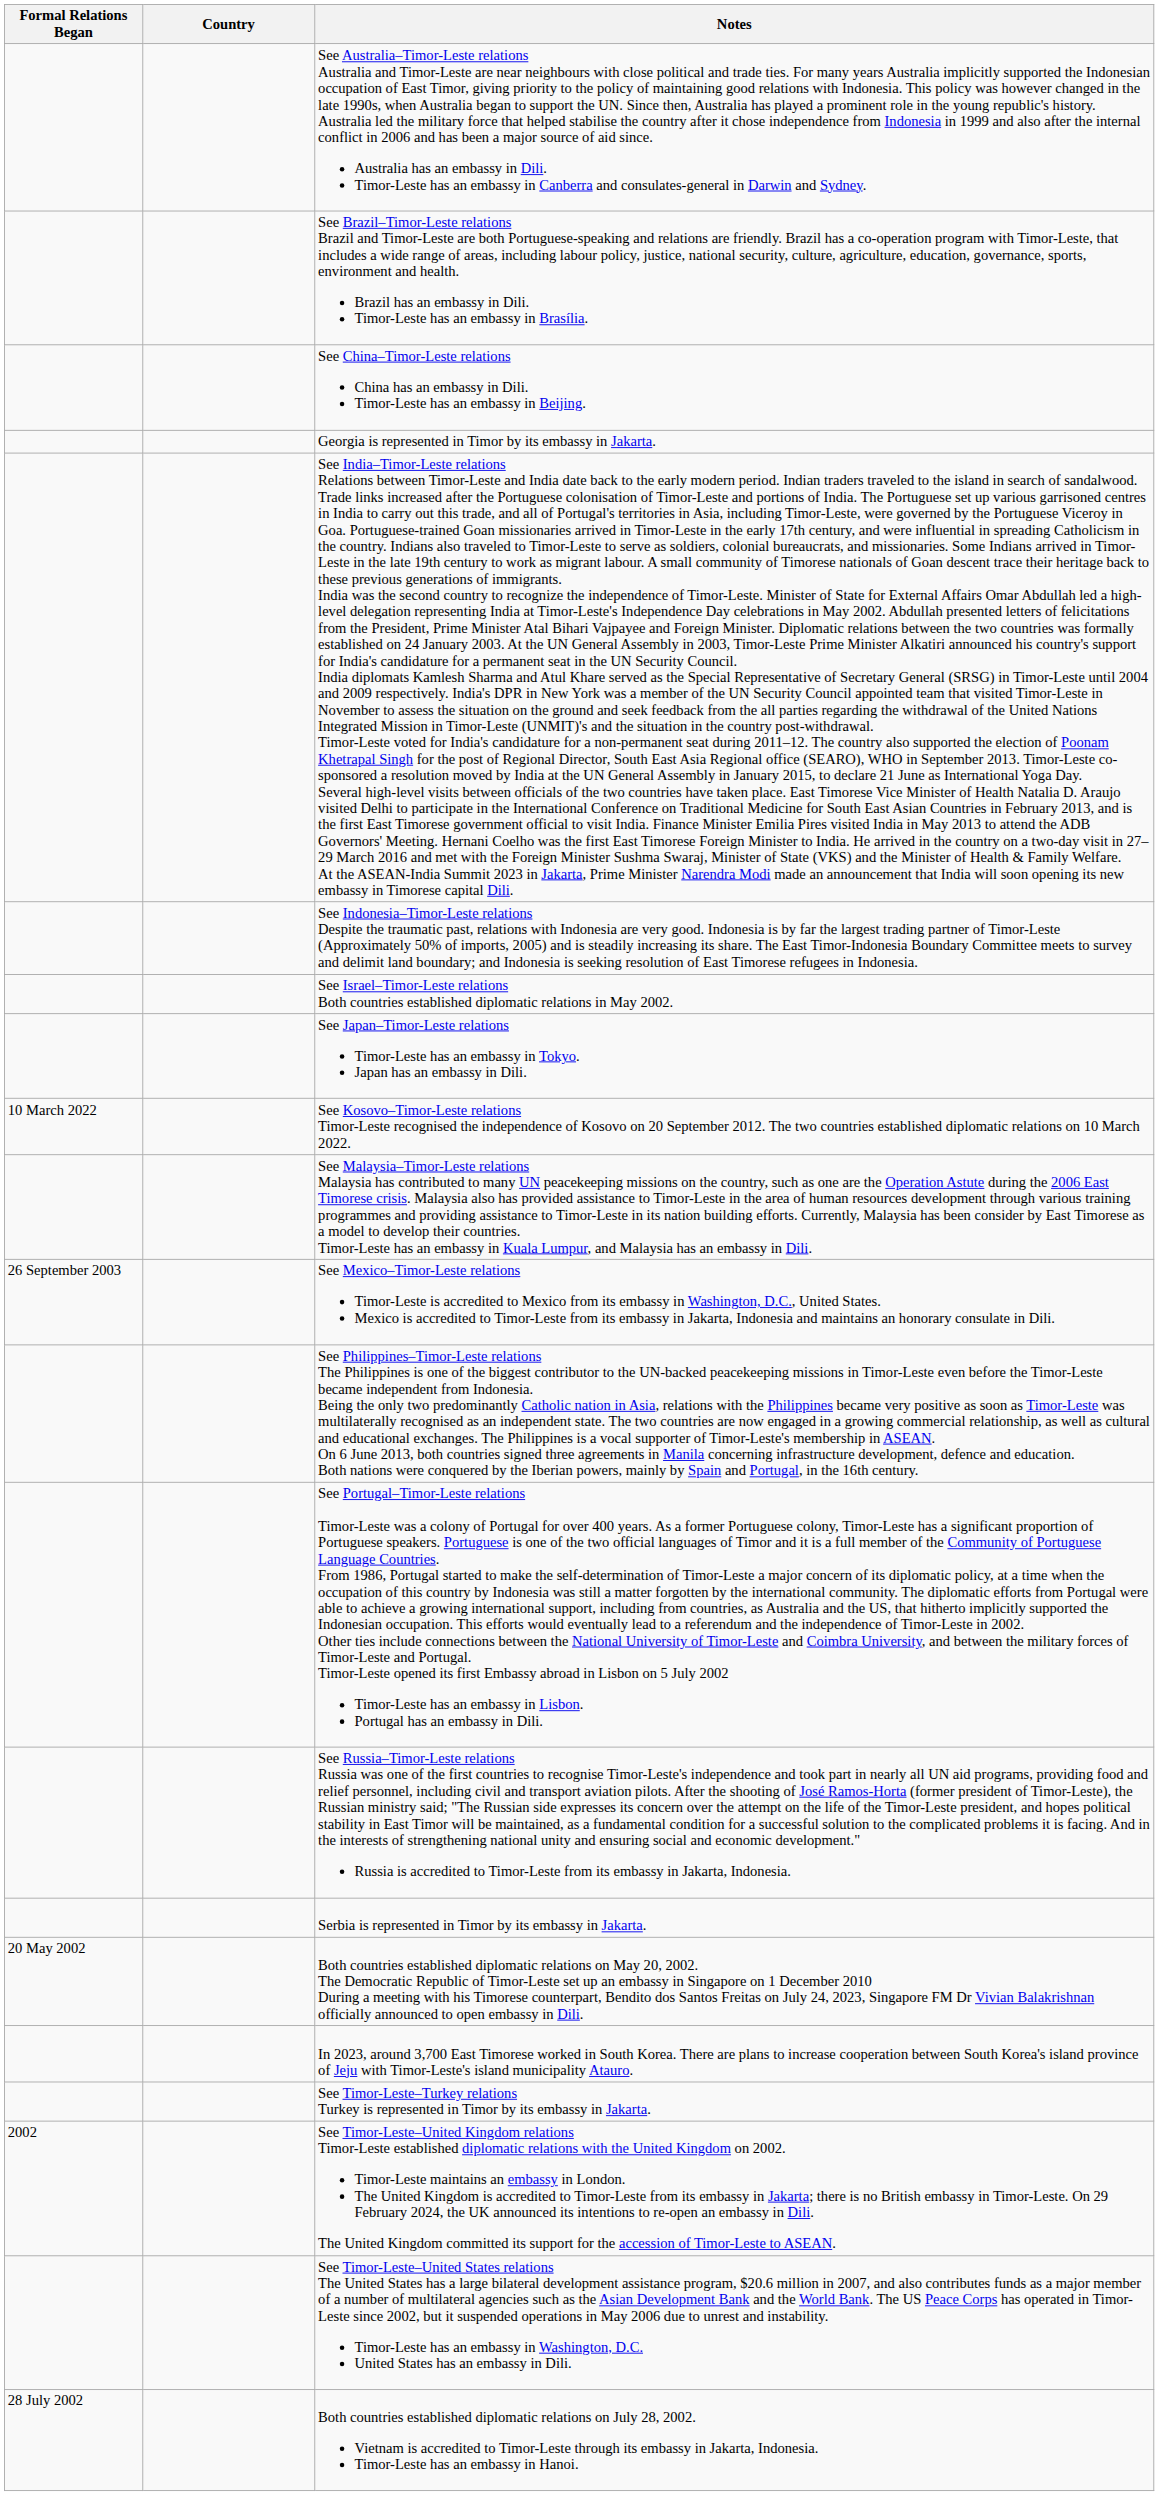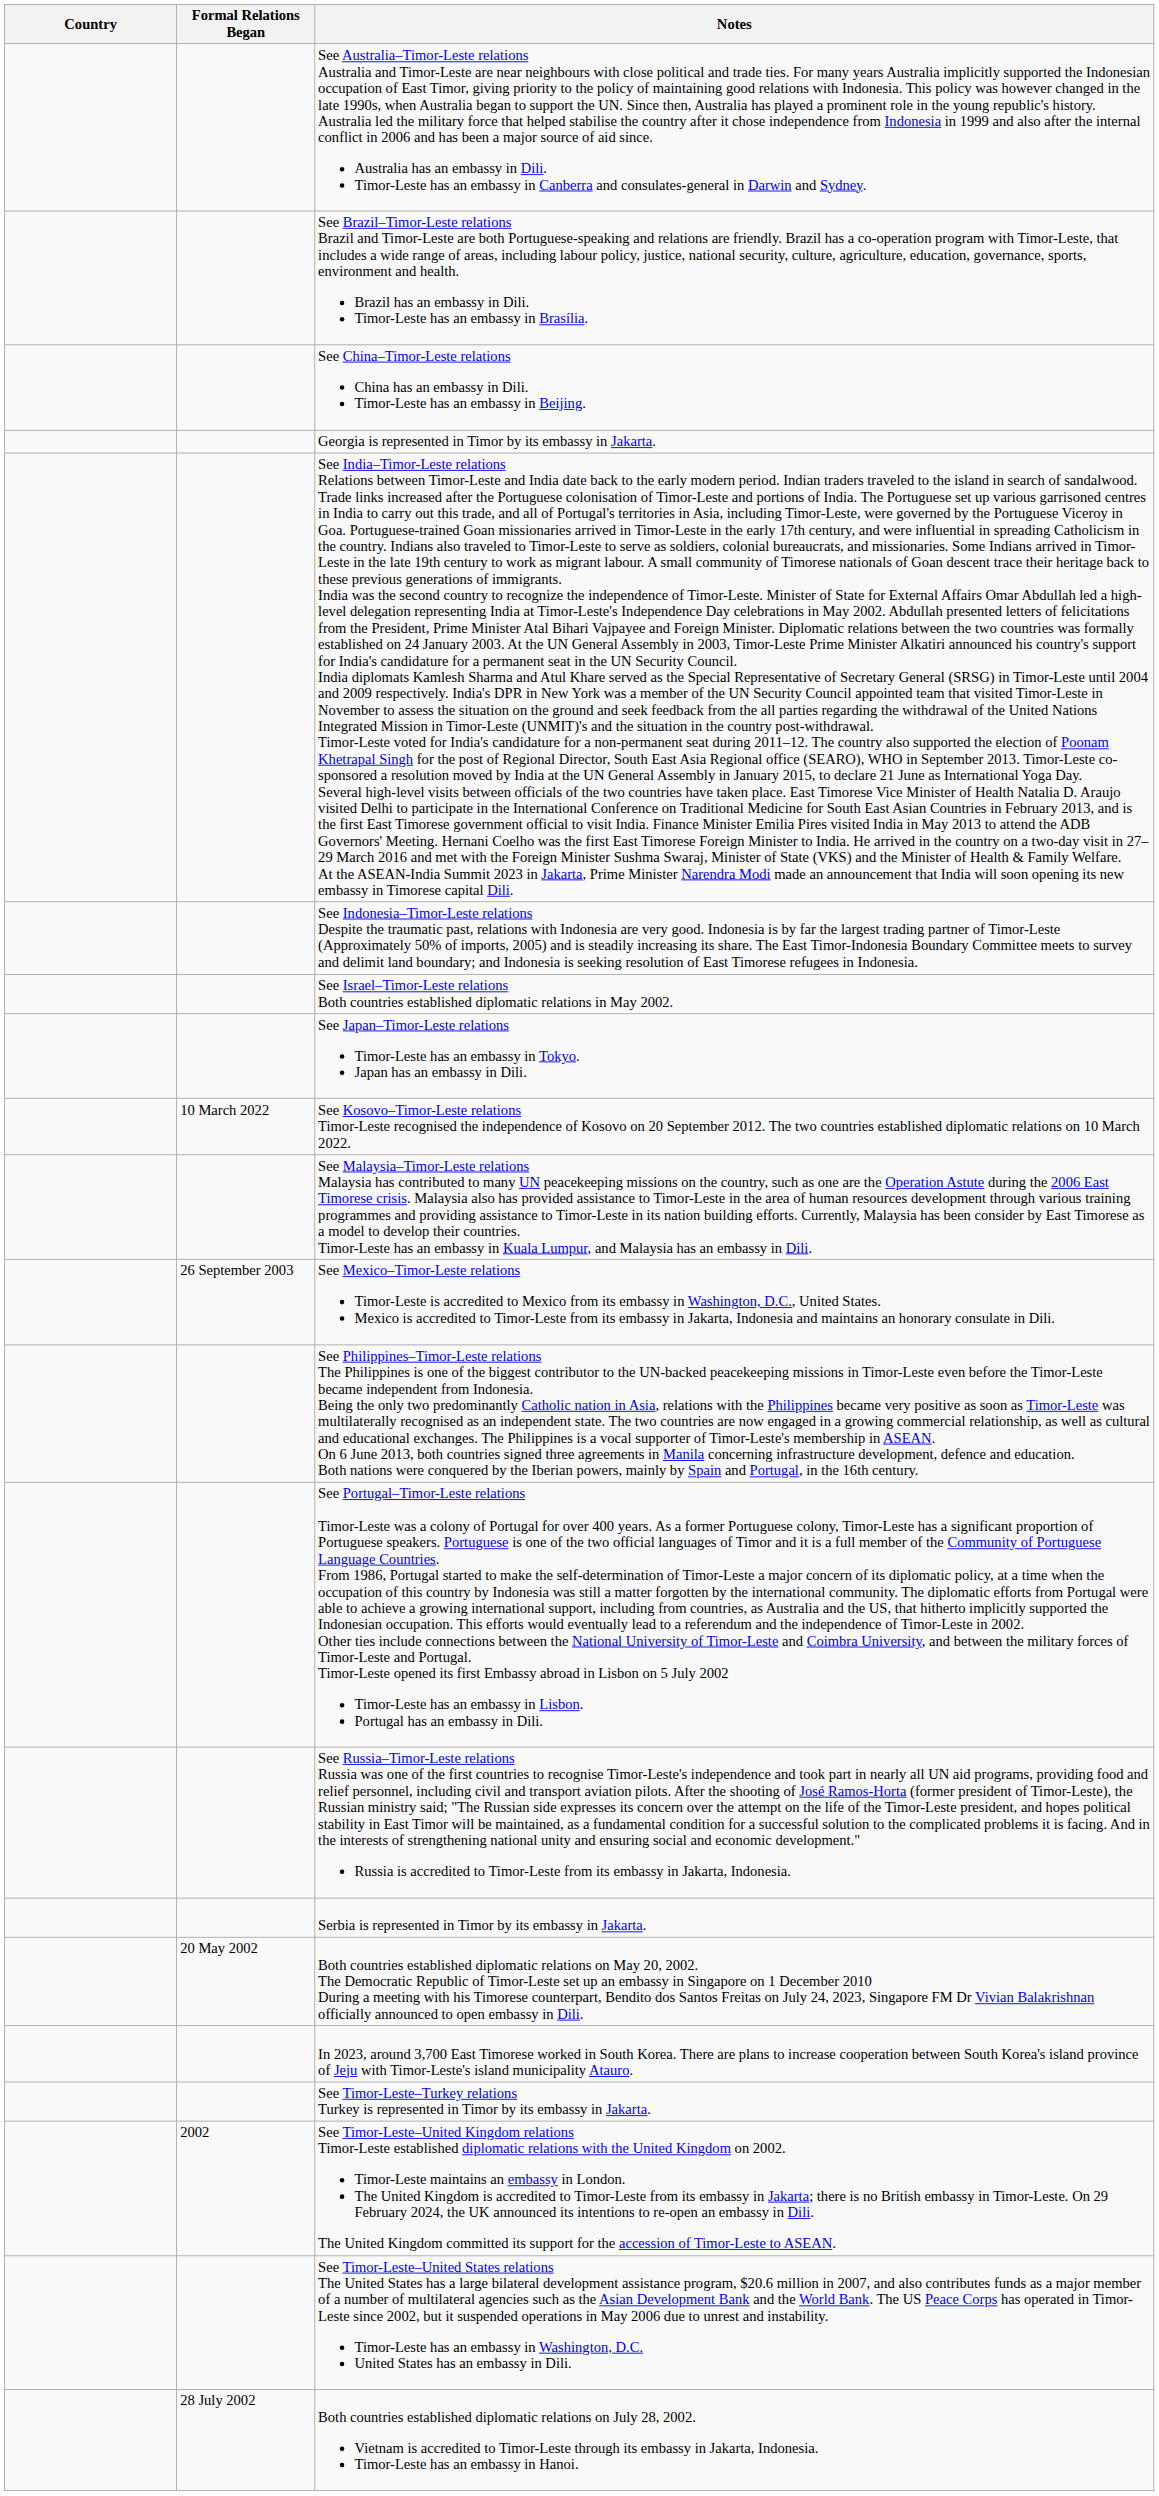 <table class="wikitable sortable" style="width:100%; margin:auto;">
 <tr>
+<th style="width:15%;">Country</th>
 <th style="width:12%;">Formal Relations Began</th>
-<th style="width:15%;">Country</th>
 <th>Notes</th>
 </tr>
 <tr valign="top">
 <td></td>
 <td></td>
 <td>See <a href='#'>Australia–Timor-Leste relations</a><br>Australia and Timor-Leste are near neighbours with close political and trade ties. For many years Australia implicitly supported the Indonesian occupation of East Timor, giving priority to the policy of maintaining good relations with Indonesia. This policy was however changed in the late 1990s, when Australia began to support the UN. Since then, Australia has played a prominent role in the young republic's history. Australia led the military force that helped stabilise the country after it chose independence from <a href='#'>Indonesia</a> in 1999 and also after the internal conflict in 2006 and has been a major source of aid since.<ul><li>Australia has an embassy in <a href='#'>Dili</a>.</li><li>Timor-Leste has an embassy in <a href='#'>Canberra</a> and consulates-general in <a href='#'>Darwin</a> and <a href='#'>Sydney</a>.</li></ul></td>
 </tr>
 <tr valign="top">
 <td></td>
 <td></td>
 <td>See <a href='#'>Brazil–Timor-Leste relations</a><br>Brazil and Timor-Leste are both Portuguese-speaking and relations are friendly. Brazil has a co-operation program with Timor-Leste, that includes a wide range of areas, including labour policy, justice, national security, culture, agriculture, education, governance, sports, environment and health.<ul><li>Brazil has an embassy in Dili.</li><li>Timor-Leste has an embassy in <a href='#'>Brasília</a>.</li></ul></td>
 </tr>
 <tr valign="top">
 <td></td>
 <td></td>
 <td>See <a href='#'>China–Timor-Leste relations</a><br><ul><li>China has an embassy in Dili.</li><li>Timor-Leste has an embassy in <a href='#'>Beijing</a>.</li></ul></td>
 </tr>
 <tr valign="top">
 <td></td>
 <td></td>
 <td>Georgia is represented in Timor by its embassy in <a href='#'>Jakarta</a>.</td>
 </tr>
 <tr valign="top">
 <td></td>
 <td></td>
 <td>See <a href='#'>India–Timor-Leste relations</a><br>Relations between Timor-Leste and India date back to the early modern period. Indian traders traveled to the island in search of sandalwood. Trade links increased after the Portuguese colonisation of Timor-Leste and portions of India. The Portuguese set up various garrisoned centres in India to carry out this trade, and all of Portugal's territories in Asia, including Timor-Leste, were governed by the Portuguese Viceroy in Goa. Portuguese-trained Goan missionaries arrived in Timor-Leste in the early 17th century, and were influential in spreading Catholicism in the country. Indians also traveled to Timor-Leste to serve as soldiers, colonial bureaucrats, and missionaries. Some Indians arrived in Timor-Leste in the late 19th century to work as migrant labour. A small community of Timorese nationals of Goan descent trace their heritage back to these previous generations of immigrants.<br>India was the second country to recognize the independence of Timor-Leste. Minister of State for External Affairs Omar Abdullah led a high-level delegation representing India at Timor-Leste's Independence Day celebrations in May 2002. Abdullah presented letters of felicitations from the President, Prime Minister Atal Bihari Vajpayee and Foreign Minister. Diplomatic relations between the two countries was formally established on 24 January 2003. At the UN General Assembly in 2003, Timor-Leste Prime Minister Alkatiri announced his country's support for India's candidature for a permanent seat in the UN Security Council.<br>India diplomats Kamlesh Sharma and Atul Khare served as the Special Representative of Secretary General (SRSG) in Timor-Leste until 2004 and 2009 respectively. India's DPR in New York was a member of the UN Security Council appointed team that visited Timor-Leste in November to assess the situation on the ground and seek feedback from the all parties regarding the withdrawal of the United Nations Integrated Mission in Timor-Leste (UNMIT)'s and the situation in the country post-withdrawal.<br>Timor-Leste voted for India's candidature for a non-permanent seat during 2011–12. The country also supported the election of <a href='#'>Poonam Khetrapal Singh</a> for the post of Regional Director, South East Asia Regional office (SEARO), WHO in September 2013. Timor-Leste co-sponsored a resolution moved by India at the UN General Assembly in January 2015, to declare 21 June as International Yoga Day.<br>Several high-level visits between officials of the two countries have taken place. East Timorese Vice Minister of Health Natalia D. Araujo visited Delhi to participate in the International Conference on Traditional Medicine for South East Asian Countries in February 2013, and is the first East Timorese government official to visit India. Finance Minister Emilia Pires visited India in May 2013 to attend the ADB Governors' Meeting. Hernani Coelho was the first East Timorese Foreign Minister to India. He arrived in the country on a two-day visit in 27–29 March 2016 and met with the Foreign Minister Sushma Swaraj, Minister of State (VKS) and the Minister of Health & Family Welfare.<br>At the ASEAN-India Summit 2023 in <a href='#'>Jakarta</a>, Prime Minister <a href='#'>Narendra Modi</a> made an announcement that India will soon opening its new embassy in Timorese capital <a href='#'>Dili</a>.</td>
 </tr>
 <tr valign="top">
 <td></td>
 <td></td>
 <td>See <a href='#'>Indonesia–Timor-Leste relations</a><br> Despite the traumatic past, relations with Indonesia are very good. Indonesia is by far the largest trading partner of Timor-Leste (Approximately 50% of imports, 2005) and is steadily increasing its share. The East Timor-Indonesia Boundary Committee meets to survey and delimit land boundary; and Indonesia is seeking resolution of East Timorese refugees in Indonesia.</td>
 </tr>
 <tr valign="top">
 <td></td>
 <td></td>
 <td>See <a href='#'>Israel–Timor-Leste relations</a><br>Both countries established diplomatic relations in May 2002.</td>
 </tr>
 <tr valign="top">
 <td></td>
 <td></td>
 <td>See <a href='#'>Japan–Timor-Leste relations</a><br><ul><li>Timor-Leste has an embassy in <a href='#'>Tokyo</a>.</li><li>Japan has an embassy in Dili.</li></ul></td>
 </tr>
 <tr valign="top">
+<td></td>
 <td>10 March 2022</td>
-<td></td>
 <td>See <a href='#'>Kosovo–Timor-Leste relations</a><br>Timor-Leste recognised the independence of Kosovo on 20 September 2012. The two countries established diplomatic relations on 10 March 2022.</td>
 </tr>
 <tr valign="top">
 <td></td>
 <td></td>
 <td>See <a href='#'>Malaysia–Timor-Leste relations</a><br>Malaysia has contributed to many <a href='#'>UN</a> peacekeeping missions on the country, such as one are the <a href='#'>Operation Astute</a> during the <a href='#'>2006 East Timorese crisis</a>. Malaysia also has provided assistance to Timor-Leste in the area of  human resources development through various training programmes and providing assistance to Timor-Leste in its nation building efforts. Currently, Malaysia has been consider by East Timorese as a model to develop their countries.<br>Timor-Leste has an embassy in <a href='#'>Kuala Lumpur</a>, and Malaysia has an embassy in <a href='#'>Dili</a>.</td>
 </tr>
 <tr valign="top">
+<td></td>
 <td>26 September 2003</td>
-<td></td>
 <td>See <a href='#'>Mexico–Timor-Leste relations</a><br><ul><li>Timor-Leste is accredited to Mexico from its embassy in <a href='#'>Washington, D.C.</a>, United States.</li><li>Mexico is accredited to Timor-Leste from its embassy in Jakarta, Indonesia and maintains an honorary consulate in Dili.</li></ul></td>
 </tr>
 <tr valign="top">
 <td></td>
 <td></td>
 <td>See <a href='#'>Philippines–Timor-Leste relations</a><br>The Philippines is one of the biggest contributor to the UN-backed peacekeeping missions in Timor-Leste even before the Timor-Leste became independent from Indonesia.<br>Being the only two predominantly <a href='#'>Catholic nation in Asia</a>, relations with the <a href='#'>Philippines</a> became very positive as soon as <a href='#'>Timor-Leste</a> was multilaterally recognised as an independent state. The two countries are now engaged in a growing commercial relationship, as well as cultural and educational exchanges. The Philippines is a vocal supporter of Timor-Leste's membership in <a href='#'>ASEAN</a>.<br>On 6 June 2013, both countries signed three agreements in <a href='#'>Manila</a> concerning infrastructure development, defence and education.<br>Both nations were conquered by the Iberian powers, mainly by <a href='#'>Spain</a> and <a href='#'>Portugal</a>, in the 16th century.</td>
 </tr>
 <tr valign="top">
 <td></td>
 <td></td>
 <td>See <a href='#'>Portugal–Timor-Leste relations</a><br><br>Timor-Leste was a colony of Portugal for over 400 years. As a former Portuguese colony, Timor-Leste has a significant proportion of Portuguese speakers. <a href='#'>Portuguese</a> is one of the two official languages of Timor and it is a full member of the <a href='#'>Community of Portuguese Language Countries</a>.<br>From 1986, Portugal started to make the self-determination of Timor-Leste a major concern of its diplomatic policy, at a time when the occupation of this country by Indonesia was still a matter forgotten by the international community. The diplomatic efforts from Portugal were able to achieve a growing international support, including from countries, as Australia and the US, that hitherto implicitly supported the Indonesian occupation. This efforts would eventually lead to a referendum and the independence of Timor-Leste in 2002.<br>Other ties include connections between the <a href='#'>National University of Timor-Leste</a> and <a href='#'>Coimbra University</a>, and between the military forces of Timor-Leste and Portugal.<br>Timor-Leste opened its first Embassy abroad in Lisbon on 5 July 2002<ul><li>Timor-Leste has an embassy in <a href='#'>Lisbon</a>.</li><li>Portugal has an embassy in Dili.</li></ul></td>
 </tr>
 <tr valign="top">
 <td></td>
 <td></td>
 <td>See <a href='#'>Russia–Timor-Leste relations</a><br>Russia was one of the first countries to recognise Timor-Leste's independence and took part in nearly all UN aid programs, providing food and relief personnel, including civil and transport aviation pilots. After the shooting of <a href='#'>José Ramos-Horta</a> (former president of Timor-Leste), the Russian ministry said; "The Russian side expresses its concern over the attempt on the life of the Timor-Leste president, and hopes political stability in East Timor will be maintained, as a fundamental condition for a successful solution to the complicated problems it is facing. And in the interests of strengthening national unity and ensuring social and economic development."<ul><li>Russia is accredited to Timor-Leste from its embassy in Jakarta, Indonesia.</li></ul></td>
 </tr>
 <tr valign="top">
 <td></td>
 <td></td>
 <td><br>Serbia is represented in Timor by its embassy in <a href='#'>Jakarta</a>.</td>
 </tr>
 <tr valign="top">
+<td></td>
 <td>20 May 2002</td>
-<td></td>
 <td><br>Both countries established diplomatic relations on May 20, 2002.<br>The Democratic Republic of Timor-Leste set up an embassy in Singapore on 1 December 2010<br>During a meeting with his Timorese counterpart, Bendito dos Santos Freitas on July 24, 2023, Singapore FM Dr <a href='#'>Vivian Balakrishnan</a> officially announced to open embassy in  <a href='#'>Dili</a>.</td>
 </tr>
 <tr valign="top">
 <td></td>
 <td></td>
 <td><br>In 2023, around 3,700 East Timorese worked in South Korea. There are plans to increase cooperation between South Korea's island province of <a href='#'>Jeju</a> with Timor-Leste's island municipality <a href='#'>Atauro</a>.</td>
 </tr>
 <tr valign="top">
 <td></td>
 <td></td>
 <td>See <a href='#'>Timor-Leste–Turkey relations</a><br>Turkey is represented in Timor by its embassy in <a href='#'>Jakarta</a>.</td>
 </tr>
 <tr valign="top">
+<td></td>
 <td>2002</td>
-<td></td>
 <td>See <a href='#'>Timor-Leste–United Kingdom relations</a><br> Timor-Leste established <a href='#'>diplomatic relations with the United Kingdom</a> on 2002.<ul><li>Timor-Leste maintains an <a href='#'>embassy</a> in London.</li><li>The United Kingdom is accredited to Timor-Leste from its embassy in <a href='#'>Jakarta</a>; there is no British embassy in Timor-Leste. On 29 February 2024, the UK announced its intentions to re-open an embassy in <a href='#'>Dili</a>.</li></ul>The United Kingdom committed its support for the <a href='#'>accession of Timor-Leste to ASEAN</a>.</td>
 </tr>
 <tr valign="top">
 <td></td>
 <td></td>
 <td>See <a href='#'>Timor-Leste–United States relations</a><br> The United States has a large bilateral development assistance program, $20.6 million in 2007, and also contributes funds as a major member of a number of multilateral agencies such as the <a href='#'>Asian Development Bank</a> and the <a href='#'>World Bank</a>. The US <a href='#'>Peace Corps</a> has operated in Timor-Leste since 2002, but it suspended operations in May 2006 due to unrest and instability.<ul><li>Timor-Leste has an embassy in <a href='#'>Washington, D.C.</a></li><li>United States has an embassy in Dili.</li></ul></td>
 </tr>
 <tr valign="top">
+<td></td>
 <td>28 July 2002</td>
-<td></td>
 <td><br>Both countries established diplomatic relations on July 28, 2002.<ul><li>Vietnam is accredited to Timor-Leste through its embassy in Jakarta, Indonesia.</li><li>Timor-Leste has an embassy in Hanoi.</li></ul></td>
 </tr>
 </table>
